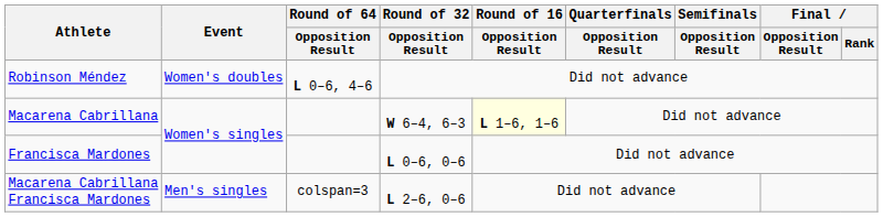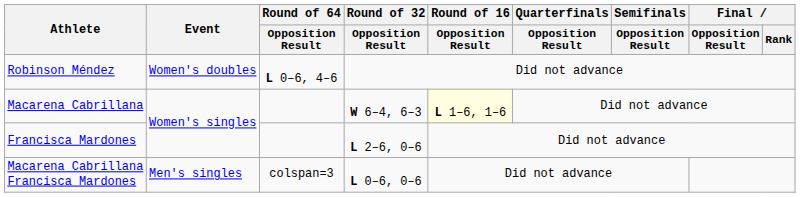 <table class="wikitable" style="font-size:90%;">
 <tr>
 <th rowspan=2>Athlete</th>
 <th rowspan=2>Event</th>
 <th>Round of 64</th>
 <th>Round of 32</th>
 <th>Round of 16</th>
 <th>Quarterfinals</th>
 <th>Semifinals</th>
 <th colspan=2>Final / </th>
 </tr>
 <tr style="font-size:95%">
 <th>Opposition<br>Result</th>
 <th>Opposition<br>Result</th>
 <th>Opposition<br>Result</th>
 <th>Opposition<br>Result</th>
 <th>Opposition<br>Result</th>
 <th>Opposition<br>Result</th>
 <th>Rank</th>
 </tr>
 <tr align=center>
 <td align=left><a href='#'>Robinson Méndez</a></td>
 <td align=left><a href='#'>Women's doubles</a></td>
 <td><br><strong>L</strong> 0–6, 4–6</td>
 <td colspan=6>Did not advance</td>
 </tr>
 <tr align=center>
 <td align=left><a href='#'>Macarena Cabrillana</a></td>
 <td rowspan=2 align=left><a href='#'>Women's singles</a></td>
 <td></td>
 <td><br><strong>W</strong> 6–4, 6–3</td>
 <td style="background: lightyellow;"><br><strong>L</strong> 1–6, 1–6</td>
 <td colspan=4>Did not advance</td>
 </tr>
 <tr align=center>
 <td align=left><a href='#'>Francisca Mardones</a></td>
 <td></td>
-<td><br><strong>L</strong> 0–6, 0–6</td>
+<td><br><strong>L</strong> 2–6, 0–6</td>
 <td colspan=5>Did not advance</td>
 </tr>
 <tr align=center>
 <td align=left><a href='#'>Macarena Cabrillana</a><br><a href='#'>Francisca Mardones</a></td>
 <td align=left><a href='#'>Men's singles</a></td>
 <td>colspan=3 </td>
-<td><br><strong>L</strong> 2–6, 0–6</td>
+<td><br><strong>L</strong> 0–6, 0–6</td>
 <td colspan=3>Did not advance</td>
 </tr>
 </table>
